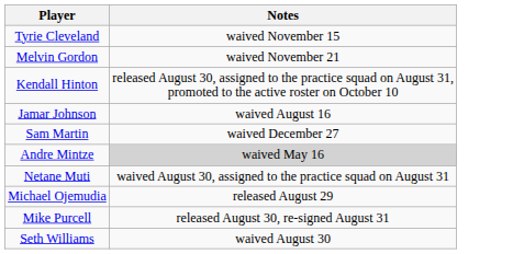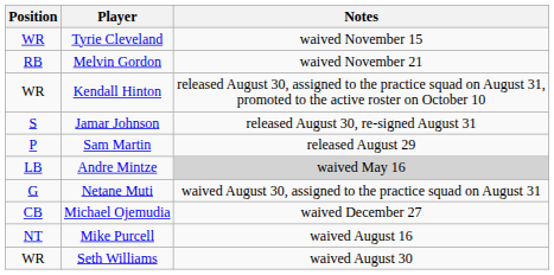 <table class="wikitable" style="text-align:center">
 <tr>
+<th>Position</th>
 <th>Player</th>
 <th>Notes</th>
 </tr>
 <tr>
+<td><a href='#'>WR</a></td>
 <td><a href='#'>Tyrie Cleveland</a></td>
 <td>waived November 15</td>
 </tr>
 <tr>
+<td><a href='#'>RB</a></td>
 <td><a href='#'>Melvin Gordon</a></td>
 <td>waived November 21</td>
 </tr>
 <tr>
+<td>WR</td>
 <td><a href='#'>Kendall Hinton</a></td>
 <td>released August 30, assigned to the practice squad on August 31,<br>promoted to the active roster on October 10</td>
 </tr>
 <tr>
+<td><a href='#'>S</a></td>
 <td><a href='#'>Jamar Johnson</a></td>
-<td>waived August 16</td>
+<td>released August 30, re-signed August 31</td>
 </tr>
 <tr>
+<td><a href='#'>P</a></td>
 <td><a href='#'>Sam Martin</a></td>
-<td>waived December 27</td>
+<td>released August 29</td>
 </tr>
 <tr>
+<td><a href='#'>LB</a></td>
 <td><a href='#'>Andre Mintze</a></td>
 <td style="background: lightgrey;">waived May 16</td>
 </tr>
 <tr>
+<td><a href='#'>G</a></td>
 <td><a href='#'>Netane Muti</a></td>
 <td>waived August 30, assigned to the practice squad on August 31</td>
 </tr>
 <tr>
+<td><a href='#'>CB</a></td>
 <td><a href='#'>Michael Ojemudia</a></td>
-<td>released August 29</td>
+<td>waived December 27</td>
 </tr>
 <tr>
+<td><a href='#'>NT</a></td>
 <td><a href='#'>Mike Purcell</a></td>
-<td>released August 30, re-signed August 31</td>
+<td>waived August 16</td>
 </tr>
 <tr>
+<td>WR</td>
 <td><a href='#'>Seth Williams</a></td>
 <td>waived August 30</td>
 </tr>
 </table>
